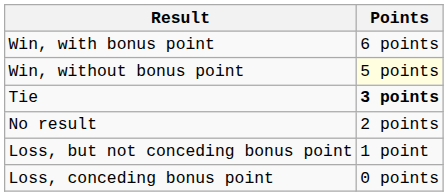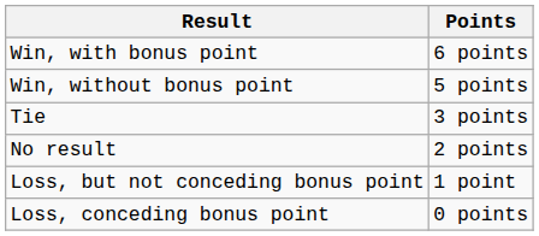 <table class="wikitable">
 <tr>
 <th>Result</th>
 <th>Points</th>
 </tr>
 <tr>
 <td>Win, with bonus point</td>
 <td>6 points</td>
 </tr>
 <tr>
 <td>Win, without bonus point</td>
-<td style="background: lightyellow;">5 points</td>
+<td>5 points</td>
 </tr>
 <tr>
 <td>Tie</td>
-<td><strong>3 points</strong></td>
+<td>3 points</td>
 </tr>
 <tr>
 <td>No result</td>
 <td>2 points</td>
 </tr>
 <tr>
 <td>Loss, but not conceding bonus point</td>
 <td>1 point</td>
 </tr>
 <tr>
 <td>Loss, conceding bonus point</td>
 <td>0 points</td>
 </tr>
 </table>
